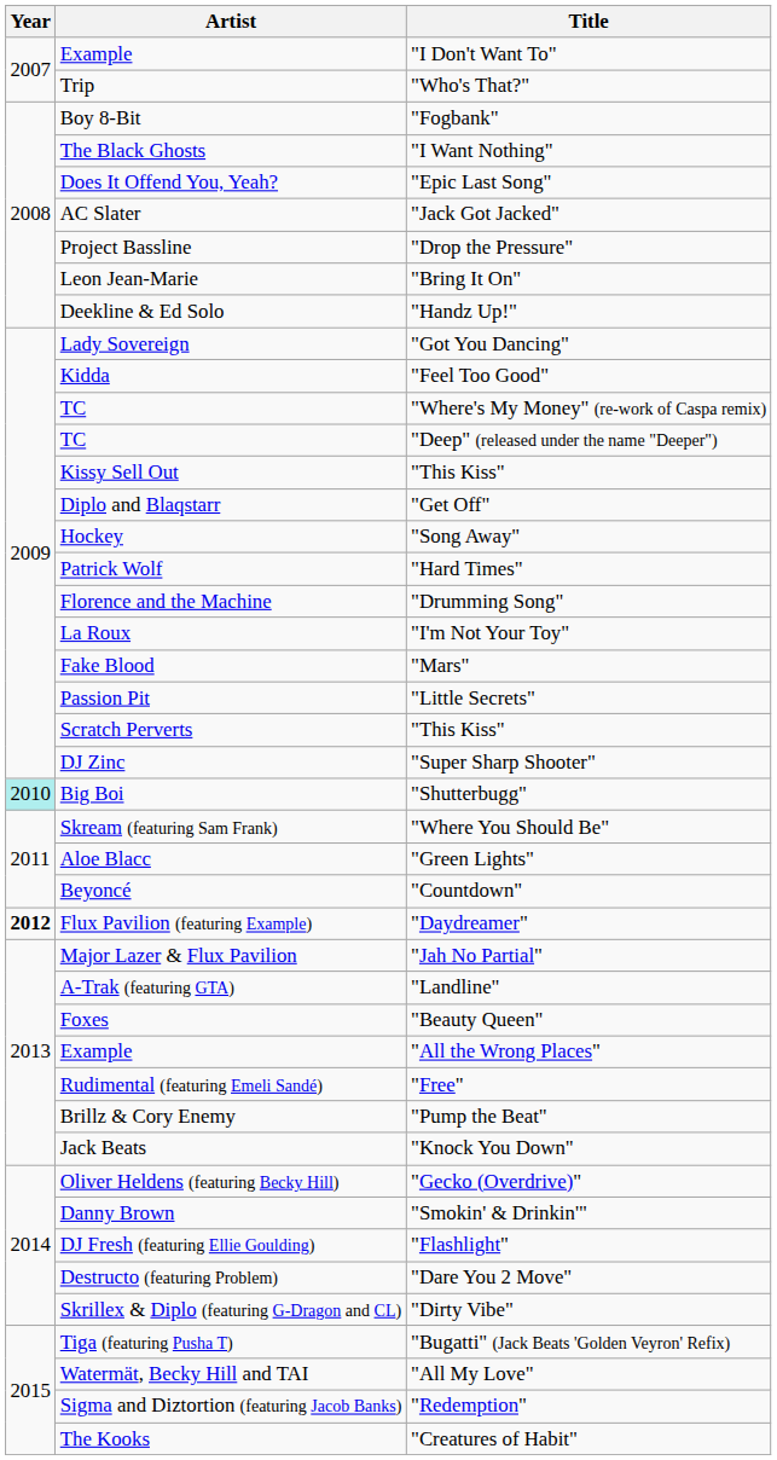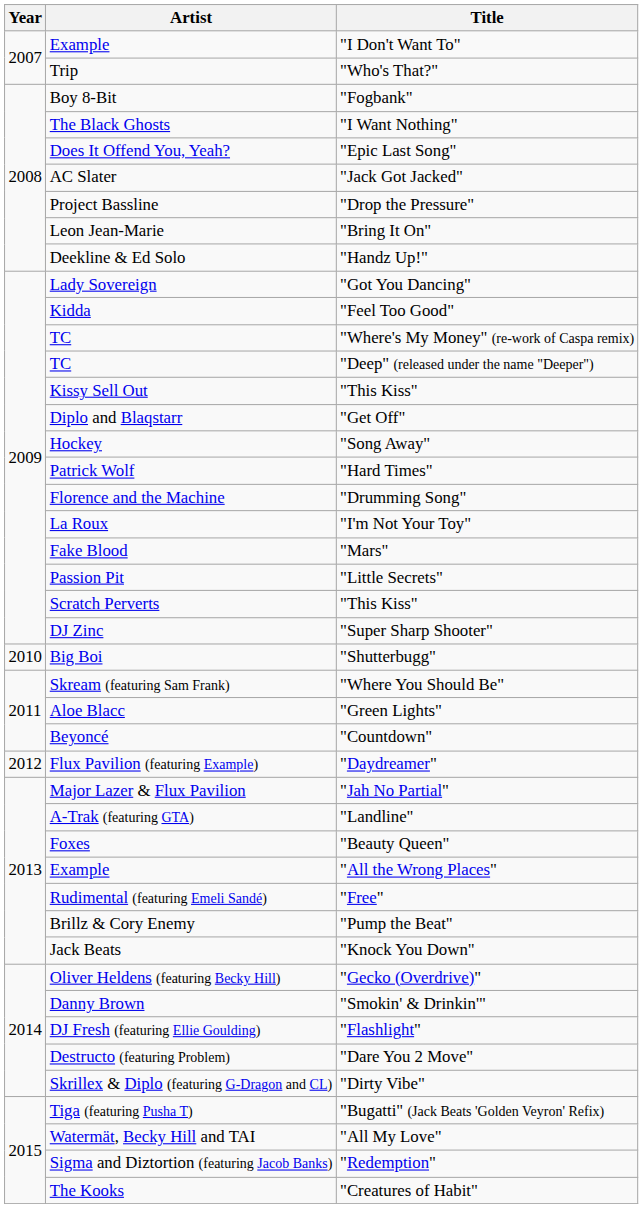 <table class="wikitable">
 <tr>
 <th>Year</th>
 <th>Artist</th>
 <th>Title</th>
 </tr>
 <tr>
 <td rowspan="2">2007</td>
 <td><a href='#'>Example</a></td>
 <td>"I Don't Want To"</td>
 </tr>
 <tr>
 <td>Trip</td>
 <td>"Who's That?"</td>
 </tr>
 <tr>
 <td rowspan="7">2008</td>
 <td>Boy 8-Bit</td>
 <td>"Fogbank"</td>
 </tr>
 <tr>
 <td><a href='#'>The Black Ghosts</a></td>
 <td>"I Want Nothing"</td>
 </tr>
 <tr>
 <td><a href='#'>Does It Offend You, Yeah?</a></td>
 <td>"Epic Last Song"</td>
 </tr>
 <tr>
 <td>AC Slater</td>
 <td>"Jack Got Jacked"</td>
 </tr>
 <tr>
 <td>Project Bassline</td>
 <td>"Drop the Pressure"</td>
 </tr>
 <tr>
 <td>Leon Jean-Marie</td>
 <td>"Bring It On"</td>
 </tr>
 <tr>
 <td>Deekline & Ed Solo</td>
 <td>"Handz Up!"</td>
 </tr>
 <tr>
 <td rowspan="14">2009</td>
 <td><a href='#'>Lady Sovereign</a></td>
 <td>"Got You Dancing"</td>
 </tr>
 <tr>
 <td><a href='#'>Kidda</a></td>
 <td>"Feel Too Good"</td>
 </tr>
 <tr>
 <td><a href='#'>TC</a></td>
 <td>"Where's My Money" <small>(re-work of Caspa remix)</small></td>
 </tr>
 <tr>
 <td><a href='#'>TC</a></td>
 <td>"Deep" <small>(released under the name "Deeper")</small></td>
 </tr>
 <tr>
 <td><a href='#'>Kissy Sell Out</a></td>
 <td>"This Kiss"</td>
 </tr>
 <tr>
 <td><a href='#'>Diplo</a> and <a href='#'>Blaqstarr</a></td>
 <td>"Get Off"</td>
 </tr>
 <tr>
 <td><a href='#'>Hockey</a></td>
 <td>"Song Away"</td>
 </tr>
 <tr>
 <td><a href='#'>Patrick Wolf</a></td>
 <td>"Hard Times"</td>
 </tr>
 <tr>
 <td><a href='#'>Florence and the Machine</a></td>
 <td>"Drumming Song"</td>
 </tr>
 <tr>
 <td><a href='#'>La Roux</a></td>
 <td>"I'm Not Your Toy"</td>
 </tr>
 <tr>
 <td><a href='#'>Fake Blood</a></td>
 <td>"Mars"</td>
 </tr>
 <tr>
 <td><a href='#'>Passion Pit</a></td>
 <td>"Little Secrets"</td>
 </tr>
 <tr>
 <td><a href='#'>Scratch Perverts</a></td>
 <td>"This Kiss"</td>
 </tr>
 <tr>
 <td><a href='#'>DJ Zinc</a></td>
 <td>"Super Sharp Shooter"</td>
 </tr>
 <tr>
-<td rowspan="1" style="background: paleturquoise;">2010</td>
+<td rowspan="1">2010</td>
 <td><a href='#'>Big Boi</a></td>
 <td>"Shutterbugg"</td>
 </tr>
 <tr>
 <td rowspan="3">2011</td>
 <td><a href='#'>Skream</a> <small>(featuring Sam Frank)</small></td>
 <td>"Where You Should Be"</td>
 </tr>
 <tr>
 <td><a href='#'>Aloe Blacc</a></td>
 <td>"Green Lights"</td>
 </tr>
 <tr>
 <td><a href='#'>Beyoncé</a></td>
 <td>"Countdown"</td>
 </tr>
 <tr>
-<td><strong>2012</strong></td>
+<td>2012</td>
 <td><a href='#'>Flux Pavilion</a> <small>(featuring <a href='#'>Example</a>)</small></td>
 <td>"<a href='#'>Daydreamer</a>"</td>
 </tr>
 <tr>
 <td rowspan="7">2013</td>
 <td><a href='#'>Major Lazer</a> & <a href='#'>Flux Pavilion</a></td>
 <td>"<a href='#'>Jah No Partial</a>"</td>
 </tr>
 <tr>
 <td><a href='#'>A-Trak</a> <small>(featuring <a href='#'>GTA</a>)</small></td>
 <td>"Landline"</td>
 </tr>
 <tr>
 <td><a href='#'>Foxes</a></td>
 <td>"Beauty Queen"</td>
 </tr>
 <tr>
 <td><a href='#'>Example</a></td>
 <td>"<a href='#'>All the Wrong Places</a>"</td>
 </tr>
 <tr>
 <td><a href='#'>Rudimental</a> <small>(featuring <a href='#'>Emeli Sandé</a>)</small></td>
 <td>"<a href='#'>Free</a>"</td>
 </tr>
 <tr>
 <td>Brillz & Cory Enemy</td>
 <td>"Pump the Beat"</td>
 </tr>
 <tr>
 <td>Jack Beats</td>
 <td>"Knock You Down"</td>
 </tr>
 <tr>
 <td rowspan="5">2014</td>
 <td><a href='#'>Oliver Heldens</a> <small>(featuring <a href='#'>Becky Hill</a>)</small></td>
 <td>"<a href='#'>Gecko (Overdrive)</a>"</td>
 </tr>
 <tr>
 <td><a href='#'>Danny Brown</a></td>
 <td>"Smokin' & Drinkin'"</td>
 </tr>
 <tr>
 <td><a href='#'>DJ Fresh</a> <small>(featuring <a href='#'>Ellie Goulding</a>)</small></td>
 <td>"<a href='#'>Flashlight</a>"</td>
 </tr>
 <tr>
 <td><a href='#'>Destructo</a> <small>(featuring Problem)</small></td>
 <td>"Dare You 2 Move"</td>
 </tr>
 <tr>
 <td><a href='#'>Skrillex</a> & <a href='#'>Diplo</a> <small>(featuring <a href='#'>G-Dragon</a> and <a href='#'>CL</a>)</small></td>
 <td>"Dirty Vibe"</td>
 </tr>
 <tr>
 <td rowspan="4">2015</td>
 <td><a href='#'>Tiga</a> <small>(featuring <a href='#'>Pusha T</a>)</small></td>
 <td>"Bugatti" <small>(Jack Beats 'Golden Veyron' Refix)</small></td>
 </tr>
 <tr>
 <td><a href='#'>Watermät</a>, <a href='#'>Becky Hill</a> and TAI</td>
 <td>"All My Love"</td>
 </tr>
 <tr>
 <td><a href='#'>Sigma</a> and Diztortion <small>(featuring <a href='#'>Jacob Banks</a>)</small></td>
 <td>"<a href='#'>Redemption</a>"</td>
 </tr>
 <tr>
 <td><a href='#'>The Kooks</a></td>
 <td>"Creatures of Habit"</td>
 </tr>
 </table>
